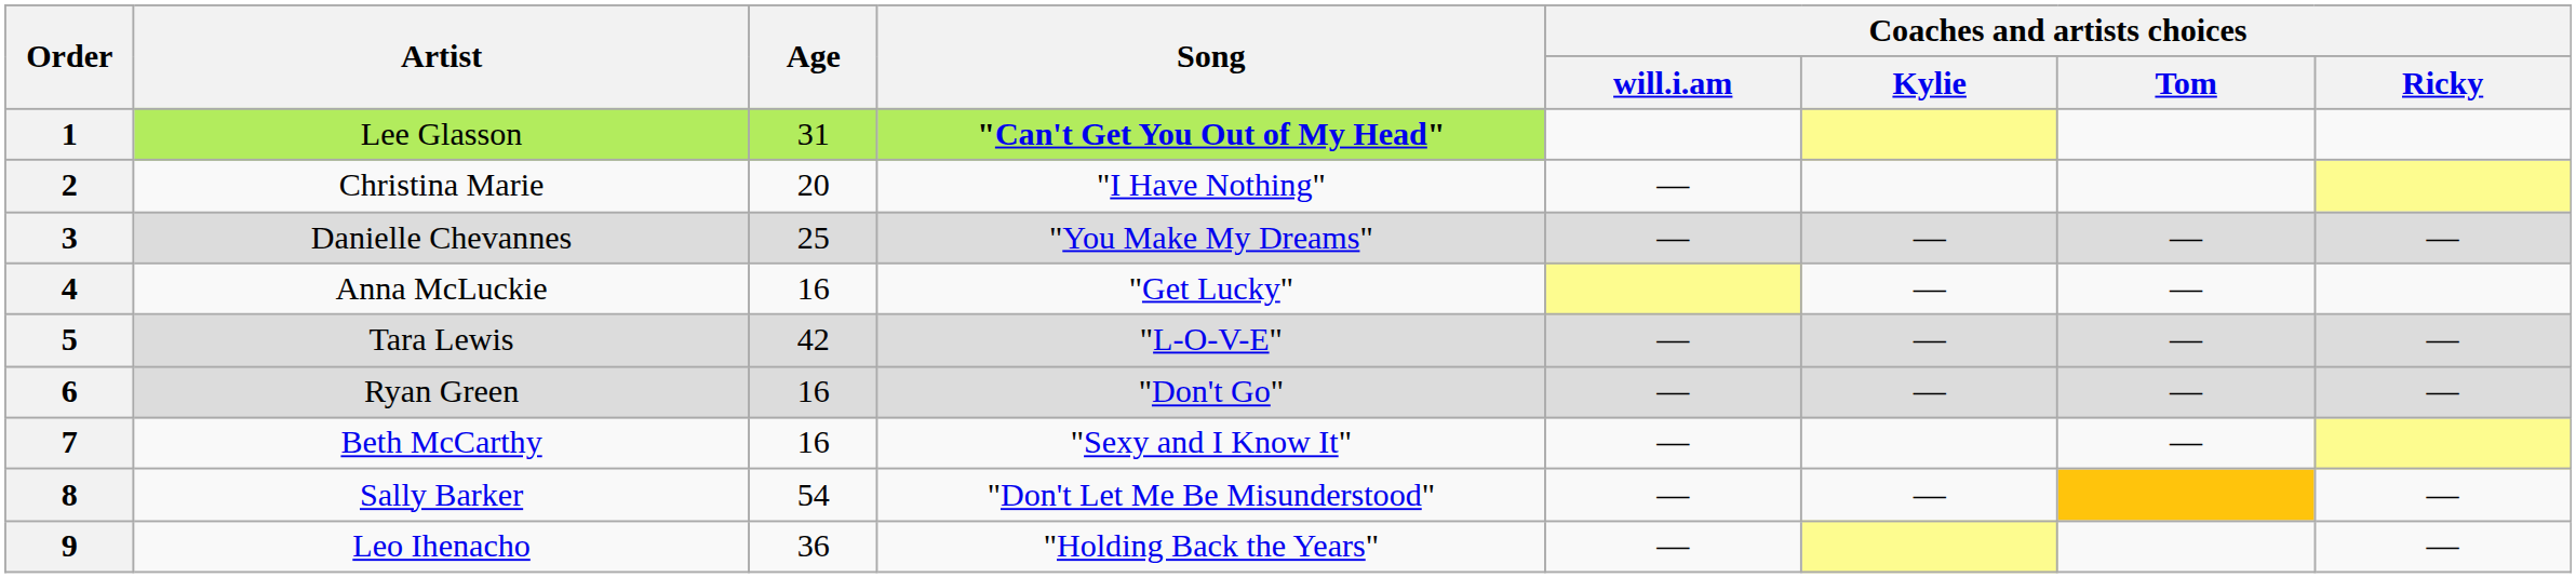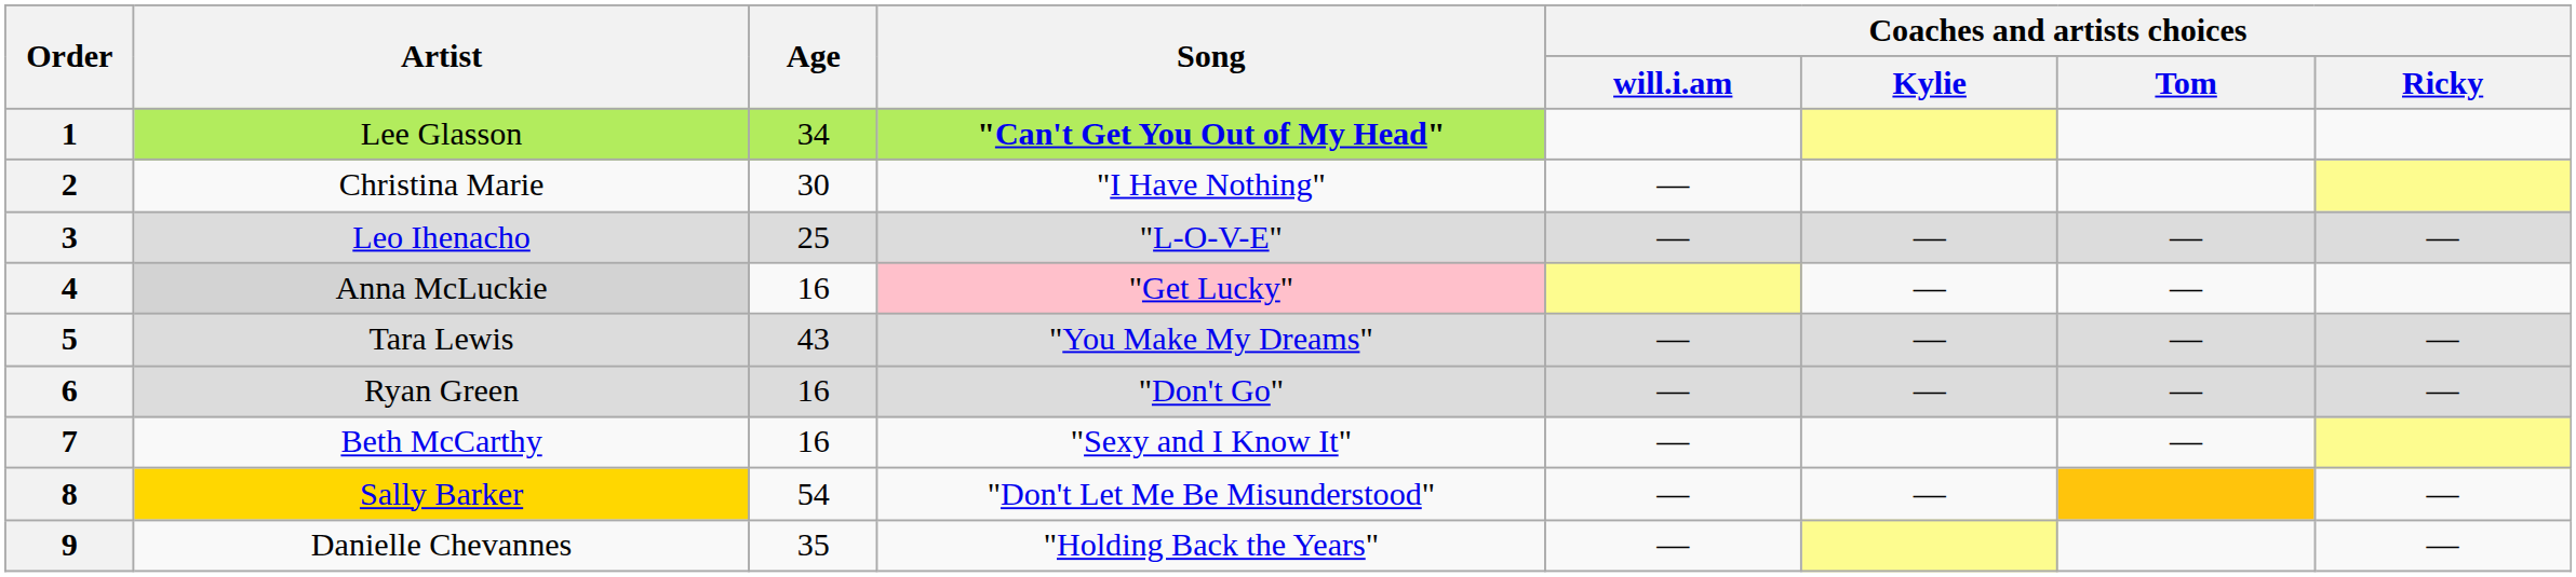 <table class="wikitable" style="text-align:center; width:100%;">
 <tr>
 <th scope="col" rowspan="2" style="width:05%;">Order</th>
 <th scope="col" rowspan="2" style="width:24%;">Artist</th>
 <th scope="col" rowspan="2" style="width:05%;">Age</th>
 <th scope="col" rowspan="2" style="width:26%;">Song</th>
 <th colspan="4" style="width:40%;">Coaches and artists choices</th>
 </tr>
 <tr>
 <th style="width:10%;"><a href='#'>will.i.am</a></th>
 <th style="width:10%;"><a href='#'>Kylie</a></th>
 <th style="width:10%;"><a href='#'>Tom</a></th>
 <th style="width:10%;"><a href='#'>Ricky</a></th>
 </tr>
 <tr>
 <th scope="col">1</th>
 <td style="background-color:#B2EC5D;">Lee Glasson</td>
-<td style="background-color:#B2EC5D;">31</td>
+<td style="background-color:#B2EC5D;">34</td>
 <td style="background-color:#B2EC5D;"><strong>"<a href='#'>Can't Get You Out of My Head</a>"</strong></td>
 <td><strong></strong></td>
 <td style="background:#fdfc8f;text-align:center;"><strong></strong></td>
 <td><strong></strong></td>
 <td><strong></strong></td>
 </tr>
 <tr>
 <th scope="col">2</th>
 <td>Christina Marie</td>
-<td>20</td>
+<td>30</td>
 <td>"<a href='#'>I Have Nothing</a>"</td>
 <td>—</td>
 <td><strong></strong></td>
 <td><strong></strong></td>
 <td style="background:#fdfc8f;text-align:center;"><strong></strong></td>
 </tr>
 <tr style="background:#DCDCDC">
 <th scope="col">3</th>
-<td>Danielle Chevannes</td>
+<td><a href='#'>Leo Ihenacho</a></td>
 <td>25</td>
-<td style="background:#DCDCDC; text-align:center;">"<a href='#'>You Make My Dreams</a>"</td>
+<td style="background:#DCDCDC; text-align:center;">"<a href='#'>L-O-V-E</a>"</td>
 <td>—</td>
 <td>—</td>
 <td>—</td>
 <td>—</td>
 </tr>
 <tr>
 <th scope="col">4</th>
-<td>Anna McLuckie</td>
+<td style="background: lightgrey;">Anna McLuckie</td>
 <td>16</td>
-<td>"<a href='#'>Get Lucky</a>"</td>
+<td style="background: pink;">"<a href='#'>Get Lucky</a>"</td>
 <td style="background:#fdfc8f;text-align:center;"><strong></strong></td>
 <td>—</td>
 <td>—</td>
 <td><strong></strong></td>
 </tr>
 <tr style="background:#DCDCDC">
 <th scope="col">5</th>
 <td>Tara Lewis</td>
-<td>42</td>
-<td style="background:#DCDCDC; text-align:center;">"<a href='#'>L-O-V-E</a>"</td>
+<td>43</td>
+<td style="background:#DCDCDC; text-align:center;">"<a href='#'>You Make My Dreams</a>"</td>
 <td>—</td>
 <td>—</td>
 <td>—</td>
 <td>—</td>
 </tr>
 <tr style="background:#DCDCDC">
 <th scope="col">6</th>
 <td>Ryan Green</td>
 <td>16</td>
 <td>"<a href='#'>Don't Go</a>"</td>
 <td>—</td>
 <td>—</td>
 <td>—</td>
 <td>—</td>
 </tr>
 <tr>
 <th scope="col">7</th>
 <td><a href='#'>Beth McCarthy</a></td>
 <td>16</td>
 <td>"<a href='#'>Sexy and I Know It</a>"</td>
 <td>—</td>
 <td><strong></strong></td>
 <td>—</td>
 <td style="background:#fdfc8f;text-align:center;"><strong></strong></td>
 </tr>
 <tr>
 <th scope="col">8</th>
-<td><a href='#'>Sally Barker</a></td>
+<td style="background: gold;"><a href='#'>Sally Barker</a></td>
 <td>54</td>
 <td>"<a href='#'>Don't Let Me Be Misunderstood</a>"</td>
 <td>—</td>
 <td>—</td>
 <td style="background:#FFC40C;text-align:center;"><strong></strong></td>
 <td>—</td>
 </tr>
 <tr>
 <th scope="col">9</th>
-<td><a href='#'>Leo Ihenacho</a></td>
-<td>36</td>
+<td>Danielle Chevannes</td>
+<td>35</td>
 <td>"<a href='#'>Holding Back the Years</a>"</td>
 <td>—</td>
 <td style="background:#fdfc8f;text-align:center;"><strong></strong></td>
 <td><strong></strong></td>
 <td>—</td>
 </tr>
 </table>
